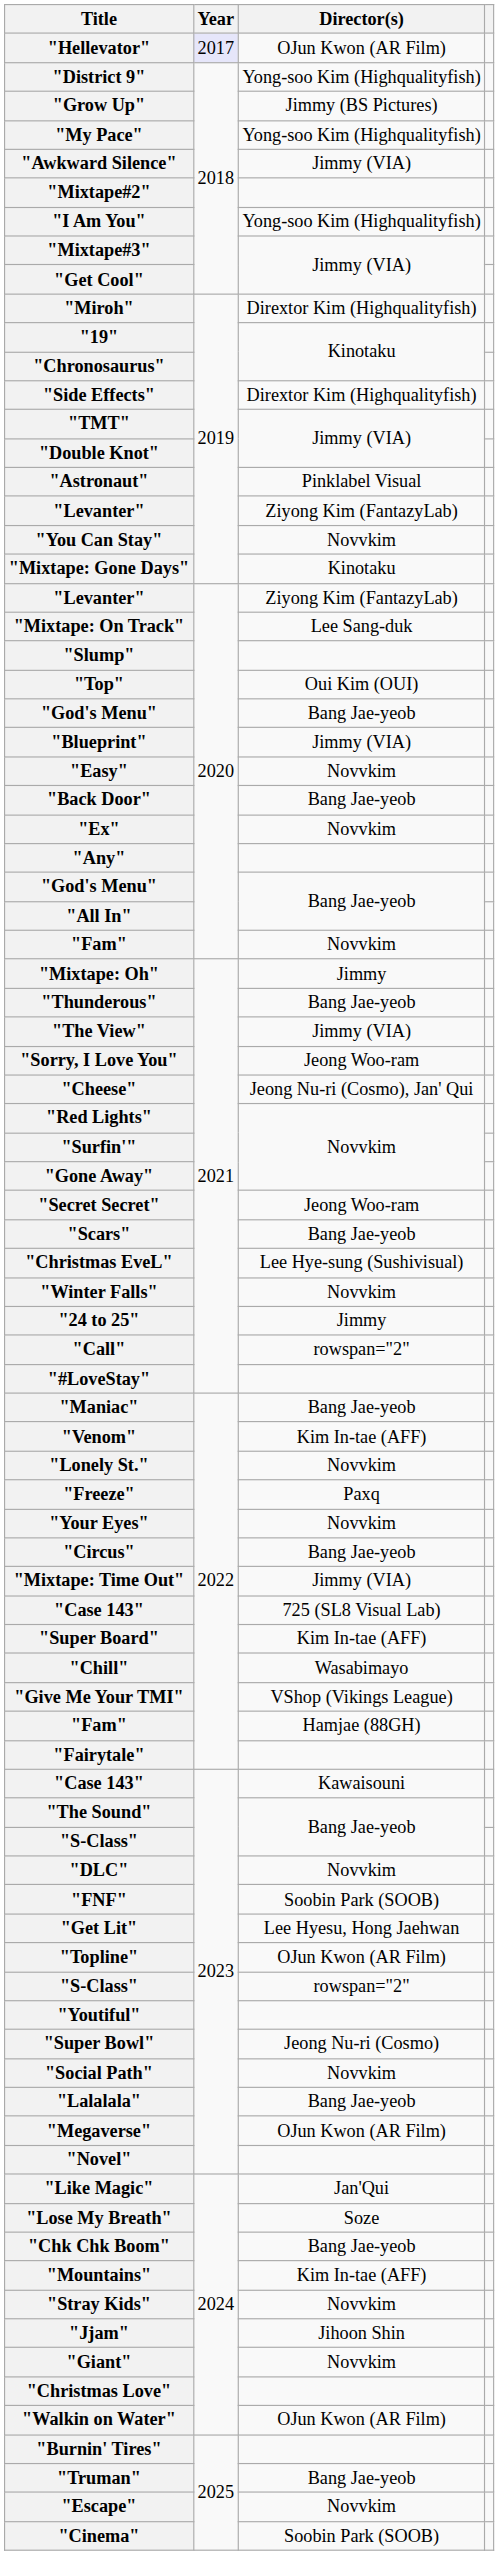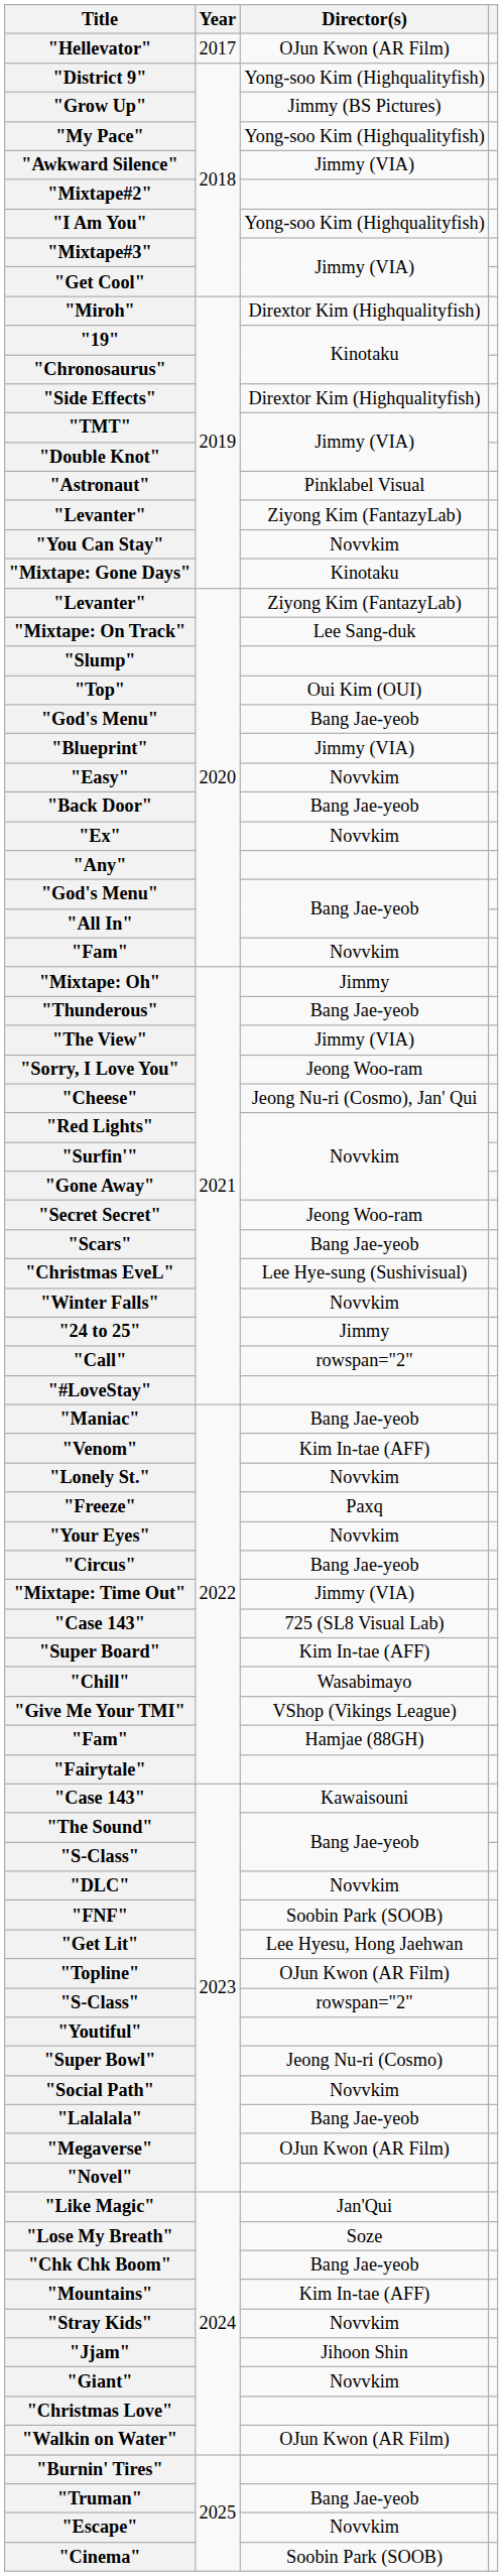 <table class="wikitable plainrowheaders" style="text-align:center">
 <tr>
 <th scope="col">Title</th>
 <th scope="col">Year</th>
 <th scope="col">Director(s)</th>
 <th scope="col"></th>
 </tr>
 <tr>
 <th scope="row">"Hellevator"</th>
-<td style="background: lavender;">2017</td>
+<td>2017</td>
 <td>OJun Kwon (AR Film)</td>
 <td></td>
 </tr>
 <tr>
 <th scope="row">"District 9"</th>
 <td rowspan="8">2018</td>
 <td>Yong-soo Kim (Highqualityfish)</td>
 <td></td>
 </tr>
 <tr>
 <th scope="row">"Grow Up"</th>
 <td>Jimmy (BS Pictures)</td>
 <td></td>
 </tr>
 <tr>
 <th scope="row">"My Pace"</th>
 <td>Yong-soo Kim (Highqualityfish)</td>
 <td></td>
 </tr>
 <tr>
 <th scope="row">"Awkward Silence"</th>
 <td>Jimmy (VIA)</td>
 <td></td>
 </tr>
 <tr>
 <th scope="row">"Mixtape#2"</th>
 <td></td>
 <td></td>
 </tr>
 <tr>
 <th scope="row">"I Am You"</th>
 <td>Yong-soo Kim (Highqualityfish)</td>
 <td></td>
 </tr>
 <tr>
 <th scope="row">"Mixtape#3"</th>
 <td rowspan="2">Jimmy (VIA)</td>
 <td></td>
 </tr>
 <tr>
 <th scope="row">"Get Cool"</th>
 <td></td>
 </tr>
 <tr>
 <th scope="row">"Miroh"</th>
 <td rowspan="10">2019</td>
 <td>Dirextor Kim (Highqualityfish)</td>
 <td></td>
 </tr>
 <tr>
 <th scope="row">"19"</th>
 <td rowspan="2">Kinotaku</td>
 <td></td>
 </tr>
 <tr>
 <th scope="row">"Chronosaurus"</th>
 <td></td>
 </tr>
 <tr>
 <th scope="row">"Side Effects"</th>
 <td>Dirextor Kim (Highqualityfish)</td>
 <td></td>
 </tr>
 <tr>
 <th scope="row">"TMT"</th>
 <td rowspan="2">Jimmy (VIA)</td>
 <td></td>
 </tr>
 <tr>
 <th scope="row">"Double Knot"</th>
 <td></td>
 </tr>
 <tr>
 <th scope="row">"Astronaut"</th>
 <td>Pinklabel Visual</td>
 <td></td>
 </tr>
 <tr>
 <th scope="row">"Levanter"</th>
 <td>Ziyong Kim (FantazyLab)</td>
 <td></td>
 </tr>
 <tr>
 <th scope="row">"You Can Stay"</th>
 <td>Novvkim</td>
 <td></td>
 </tr>
 <tr>
 <th scope="row">"Mixtape: Gone Days"</th>
 <td>Kinotaku</td>
 <td></td>
 </tr>
 <tr>
 <th scope="row">"Levanter" </th>
 <td rowspan="13">2020</td>
 <td>Ziyong Kim (FantazyLab)</td>
 <td></td>
 </tr>
 <tr>
 <th scope="row">"Mixtape: On Track"</th>
 <td>Lee Sang-duk</td>
 <td></td>
 </tr>
 <tr>
 <th scope="row">"Slump" </th>
 <td></td>
 <td></td>
 </tr>
 <tr>
 <th scope="row">"Top" </th>
 <td>Oui Kim (OUI)</td>
 <td></td>
 </tr>
 <tr>
 <th scope="row">"God's Menu"</th>
 <td>Bang Jae-yeob</td>
 <td></td>
 </tr>
 <tr>
 <th scope="row">"Blueprint"</th>
 <td>Jimmy (VIA)</td>
 <td></td>
 </tr>
 <tr>
 <th scope="row">"Easy"</th>
 <td>Novvkim</td>
 <td></td>
 </tr>
 <tr>
 <th scope="row">"Back Door"</th>
 <td>Bang Jae-yeob</td>
 <td></td>
 </tr>
 <tr>
 <th scope="row">"Ex"</th>
 <td>Novvkim</td>
 <td></td>
 </tr>
 <tr>
 <th scope="row">"Any"</th>
 <td></td>
 <td></td>
 </tr>
 <tr>
 <th scope="row">"God's Menu" </th>
 <td rowspan="2">Bang Jae-yeob</td>
 <td></td>
 </tr>
 <tr>
 <th scope="row">"All In"</th>
 <td></td>
 </tr>
 <tr>
 <th scope="row">"Fam"</th>
 <td>Novvkim</td>
 <td></td>
 </tr>
 <tr>
 <th scope="row">"Mixtape: Oh"</th>
 <td rowspan="15">2021</td>
 <td>Jimmy</td>
 <td></td>
 </tr>
 <tr>
 <th scope="row">"Thunderous"</th>
 <td>Bang Jae-yeob</td>
 <td></td>
 </tr>
 <tr>
 <th scope="row">"The View"</th>
 <td>Jimmy (VIA)</td>
 <td></td>
 </tr>
 <tr>
 <th scope="row">"Sorry, I Love You"</th>
 <td>Jeong Woo-ram</td>
 <td></td>
 </tr>
 <tr>
 <th scope="row">"Cheese"</th>
 <td>Jeong Nu-ri (Cosmo), Jan' Qui</td>
 <td></td>
 </tr>
 <tr>
 <th scope="row">"Red Lights"</th>
 <td rowspan="3">Novvkim</td>
 <td></td>
 </tr>
 <tr>
 <th scope="row">"Surfin'"</th>
 <td></td>
 </tr>
 <tr>
 <th scope="row">"Gone Away"</th>
 <td></td>
 </tr>
 <tr>
 <th scope="row">"Secret Secret"</th>
 <td>Jeong Woo-ram</td>
 <td></td>
 </tr>
 <tr>
 <th scope="row">"Scars"</th>
 <td>Bang Jae-yeob</td>
 <td></td>
 </tr>
 <tr>
 <th scope="row">"Christmas EveL"</th>
 <td>Lee Hye-sung (Sushivisual)</td>
 <td></td>
 </tr>
 <tr>
 <th scope="row">"Winter Falls"</th>
 <td>Novvkim</td>
 <td></td>
 </tr>
 <tr>
 <th scope="row">"24 to 25"</th>
 <td>Jimmy</td>
 <td></td>
 </tr>
 <tr>
 <th scope="row">"Call"</th>
 <td>rowspan="2" </td>
 <td></td>
 </tr>
 <tr>
 <th scope="row">"#LoveStay"</th>
 <td></td>
 </tr>
 <tr>
 <th scope="row">"Maniac"</th>
 <td rowspan="13">2022</td>
 <td>Bang Jae-yeob</td>
 <td></td>
 </tr>
 <tr>
 <th scope="row">"Venom"</th>
 <td>Kim In-tae (AFF)</td>
 <td></td>
 </tr>
 <tr>
 <th scope="row">"Lonely St."</th>
 <td>Novvkim</td>
 <td></td>
 </tr>
 <tr>
 <th scope="row">"Freeze"</th>
 <td>Paxq</td>
 <td></td>
 </tr>
 <tr>
 <th scope="row">"Your Eyes"</th>
 <td>Novvkim</td>
 <td></td>
 </tr>
 <tr>
 <th scope="row">"Circus"</th>
 <td>Bang Jae-yeob</td>
 <td></td>
 </tr>
 <tr>
 <th scope="row">"Mixtape: Time Out"</th>
 <td>Jimmy (VIA)</td>
 <td></td>
 </tr>
 <tr>
 <th scope="row">"Case 143"</th>
 <td>725 (SL8 Visual Lab)</td>
 <td></td>
 </tr>
 <tr>
 <th scope="row">"Super Board"</th>
 <td>Kim In-tae (AFF)</td>
 <td></td>
 </tr>
 <tr>
 <th scope="row">"Chill"</th>
 <td>Wasabimayo</td>
 <td></td>
 </tr>
 <tr>
 <th scope="row">"Give Me Your TMI"</th>
 <td>VShop (Vikings League)</td>
 <td></td>
 </tr>
 <tr>
 <th scope="row">"Fam" </th>
 <td>Hamjae (88GH)</td>
 <td></td>
 </tr>
 <tr>
 <th scope="row">"Fairytale"</th>
 <td></td>
 <td></td>
 </tr>
 <tr>
 <th scope="row">"Case 143" </th>
 <td rowspan="14">2023</td>
 <td>Kawaisouni</td>
 <td></td>
 </tr>
 <tr>
 <th scope="row">"The Sound"</th>
 <td rowspan="2">Bang Jae-yeob</td>
 <td></td>
 </tr>
 <tr>
 <th scope="row">"S-Class"</th>
 <td></td>
 </tr>
 <tr>
 <th scope="row">"DLC"</th>
 <td>Novvkim</td>
 <td></td>
 </tr>
 <tr>
 <th scope="row">"FNF"</th>
 <td>Soobin Park (SOOB)</td>
 <td></td>
 </tr>
 <tr>
 <th scope="row">"Get Lit"</th>
 <td>Lee Hyesu, Hong Jaehwan</td>
 <td></td>
 </tr>
 <tr>
 <th scope="row">"Topline"</th>
 <td>OJun Kwon (AR Film)</td>
 <td></td>
 </tr>
 <tr>
 <th scope="row">"S-Class" </th>
 <td>rowspan="2" </td>
 <td></td>
 </tr>
 <tr>
 <th scope="row">"Youtiful"</th>
 <td></td>
 </tr>
 <tr>
 <th scope="row">"Super Bowl" </th>
 <td>Jeong Nu-ri (Cosmo)</td>
 <td></td>
 </tr>
 <tr>
 <th scope="row">"Social Path"</th>
 <td>Novvkim</td>
 <td></td>
 </tr>
 <tr>
 <th scope="row">"Lalalala"</th>
 <td>Bang Jae-yeob</td>
 <td></td>
 </tr>
 <tr>
 <th scope="row">"Megaverse"</th>
 <td>OJun Kwon (AR Film)</td>
 <td></td>
 </tr>
 <tr>
 <th scope="row">"Novel"</th>
 <td></td>
 <td></td>
 </tr>
 <tr>
 <th scope="row">"Like Magic"<br></th>
 <td rowspan="9">2024</td>
 <td>Jan'Qui</td>
 <td></td>
 </tr>
 <tr>
 <th scope="row">"Lose My Breath"<br></th>
 <td>Soze</td>
 <td></td>
 </tr>
 <tr>
 <th scope="row">"Chk Chk Boom"</th>
 <td>Bang Jae-yeob</td>
 <td></td>
 </tr>
 <tr>
 <th scope="row">"Mountains"</th>
 <td>Kim In-tae (AFF)</td>
 <td></td>
 </tr>
 <tr>
 <th scope="row">"Stray Kids"</th>
 <td>Novvkim</td>
 <td></td>
 </tr>
 <tr>
 <th scope="row">"Jjam"</th>
 <td>Jihoon Shin</td>
 <td></td>
 </tr>
 <tr>
 <th scope="row">"Giant"</th>
 <td>Novvkim</td>
 <td></td>
 </tr>
 <tr>
 <th scope="row">"Christmas Love"</th>
 <td></td>
 <td></td>
 </tr>
 <tr>
 <th scope="row">"Walkin on Water"</th>
 <td>OJun Kwon (AR Film)</td>
 <td></td>
 </tr>
 <tr>
 <th scope="row">"Burnin' Tires"</th>
 <td rowspan="4">2025</td>
 <td></td>
 <td></td>
 </tr>
 <tr>
 <th scope="row">"Truman"</th>
 <td>Bang Jae-yeob</td>
 <td></td>
 </tr>
 <tr>
 <th scope="row">"Escape"</th>
 <td>Novvkim</td>
 <td></td>
 </tr>
 <tr>
 <th scope="row">"Cinema"</th>
 <td>Soobin Park (SOOB)</td>
 <td></td>
 </tr>
 </table>
